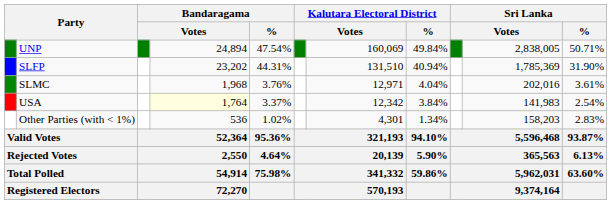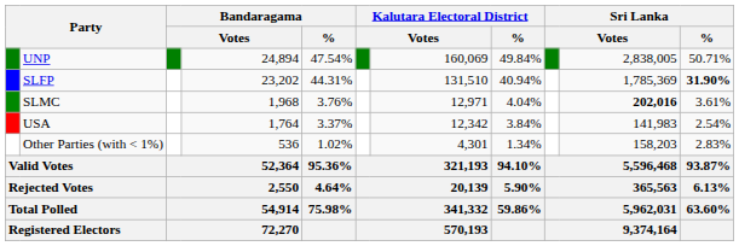 <table class="wikitable">
 <tr>
 <th colspan="2" width="144px"rowspan="2">Party</th>
 <th colspan="3" width="216px">Bandaragama</th>
 <th colspan="3" width="216px"><a href='#'>Kalutara Electoral District</a></th>
 <th colspan="3" width="216px">Sri Lanka</th>
 </tr>
 <tr>
 <th colspan="2" width="144px">Votes</th>
 <th>%</th>
 <th colspan="2" width="144px">Votes</th>
 <th>%</th>
 <th colspan="2" width="144px">Votes</th>
 <th>%</th>
 </tr>
 <tr>
 <td style="background-color:green;" width="10px"></td>
 <td style="text-align:left;"><a href='#'>UNP</a></td>
 <td style="background-color:green;" width="10px"></td>
 <td style="text-align:right;">24,894</td>
 <td style="text-align:right;">47.54%</td>
 <td style="background-color:green;" width="10px"></td>
 <td style="text-align:right;">160,069</td>
 <td style="text-align:right;">49.84%</td>
 <td style="background-color:green;" width="10px"></td>
 <td style="text-align:right;">2,838,005</td>
 <td style="text-align:right;">50.71%</td>
 </tr>
 <tr>
 <td style="background-color:blue;" width="10px"></td>
 <td style="text-align:left;"><a href='#'>SLFP</a></td>
 <td style="background-color:white;" width="10px"></td>
 <td style="text-align:right;">23,202</td>
 <td style="text-align:right;">44.31%</td>
 <td style="background-color:white;" width="10px"></td>
 <td style="text-align:right;">131,510</td>
 <td style="text-align:right;">40.94%</td>
 <td style="background-color:white;" width="10px"></td>
 <td style="text-align:right;">1,785,369</td>
-<td style="text-align:right;">31.90%</td>
+<td style="text-align:right;"><strong>31.90%</strong></td>
 </tr>
 <tr>
 <td style="background-color:#008800;" width="10px"></td>
 <td style="text-align:left;">SLMC</td>
 <td style="background-color:white;" width="10px"></td>
 <td style="text-align:right;">1,968</td>
 <td style="text-align:right;">3.76%</td>
 <td style="background-color:white;" width="10px"></td>
 <td style="text-align:right;">12,971</td>
 <td style="text-align:right;">4.04%</td>
 <td style="background-color:white;" width="10px"></td>
-<td style="text-align:right;">202,016</td>
+<td style="text-align:right;"><strong>202,016</strong></td>
 <td style="text-align:right;">3.61%</td>
 </tr>
 <tr>
 <td style="background-color:red;" width="10px"></td>
 <td style="text-align:left;">USA</td>
 <td style="background-color:white;" width="10px"></td>
-<td style="background: lightyellow; text-align:right;">1,764</td>
+<td style="text-align:right;">1,764</td>
 <td style="text-align:right;">3.37%</td>
 <td style="background-color:white;" width="10px"></td>
 <td style="text-align:right;">12,342</td>
 <td style="text-align:right;">3.84%</td>
 <td style="background-color:white;" width="10px"></td>
 <td style="text-align:right;">141,983</td>
 <td style="text-align:right;">2.54%</td>
 </tr>
 <tr>
 <td style="background-color:white;" width="10px"></td>
 <td style="text-align:left;">Other Parties (with < 1%)</td>
 <td style="background-color:white;" width="10px"></td>
 <td style="text-align:right;">536</td>
 <td style="text-align:right;">1.02%</td>
 <td style="background-color:white;" width="10px"></td>
 <td style="text-align:right;">4,301</td>
 <td style="text-align:right;">1.34%</td>
 <td style="background-color:white;" width="10px"></td>
 <td style="text-align:right;">158,203</td>
 <td style="text-align:right;">2.83%</td>
 </tr>
 <tr>
 <th colspan="2" width="144px"style="text-align:left;">Valid Votes</th>
 <th style="text-align:right;"colspan="2" width="144px">52,364</th>
 <th style="text-align:right;">95.36%</th>
 <th style="text-align:right;"colspan="2" width="144px">321,193</th>
 <th style="text-align:right;">94.10%</th>
 <th style="text-align:right;"colspan="2" width="144px">5,596,468</th>
 <th style="text-align:right;">93.87%</th>
 </tr>
 <tr>
 <th colspan="2" width="144px"style="text-align:left;">Rejected Votes</th>
 <th style="text-align:right;"colspan="2" width="144px">2,550</th>
 <th style="text-align:right;">4.64%</th>
 <th style="text-align:right;"colspan="2" width="144px">20,139</th>
 <th style="text-align:right;">5.90%</th>
 <th style="text-align:right;"colspan="2" width="144px">365,563</th>
 <th style="text-align:right;">6.13%</th>
 </tr>
 <tr>
 <th colspan="2" width="144px"style="text-align:left;">Total Polled</th>
 <th style="text-align:right;"colspan="2" width="144px">54,914</th>
 <th style="text-align:right;">75.98%</th>
 <th style="text-align:right;"colspan="2" width="144px">341,332</th>
 <th style="text-align:right;">59.86%</th>
 <th style="text-align:right;"colspan="2" width="144px">5,962,031</th>
 <th style="text-align:right;">63.60%</th>
 </tr>
 <tr>
 <th colspan="2" width="144px"style="text-align:left;">Registered Electors</th>
 <th style="text-align:right;"colspan="2" width="144px">72,270</th>
 <th></th>
 <th style="text-align:right;"colspan="2" width="144px">570,193</th>
 <th></th>
 <th style="text-align:right;"colspan="2" width="144px">9,374,164</th>
 <th></th>
 </tr>
 </table>
